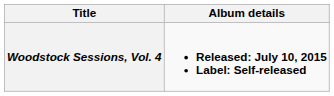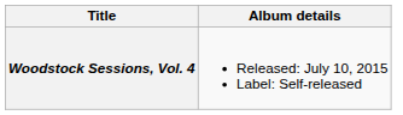 <table class="wikitable plainrowheaders">
 <tr>
 <th scope="col">Title</th>
 <th scope="col">Album details</th>
 </tr>
 <tr>
 <th scope="row"><em>Woodstock Sessions, Vol. 4</em></th>
-<td><strong><br><ul><li>Released: July 10, 2015</li><li>Label: Self-released</li></ul></strong></td>
+<td><br><ul><li>Released: July 10, 2015</li><li>Label: Self-released</li></ul></td>
 </tr>
 </table>
